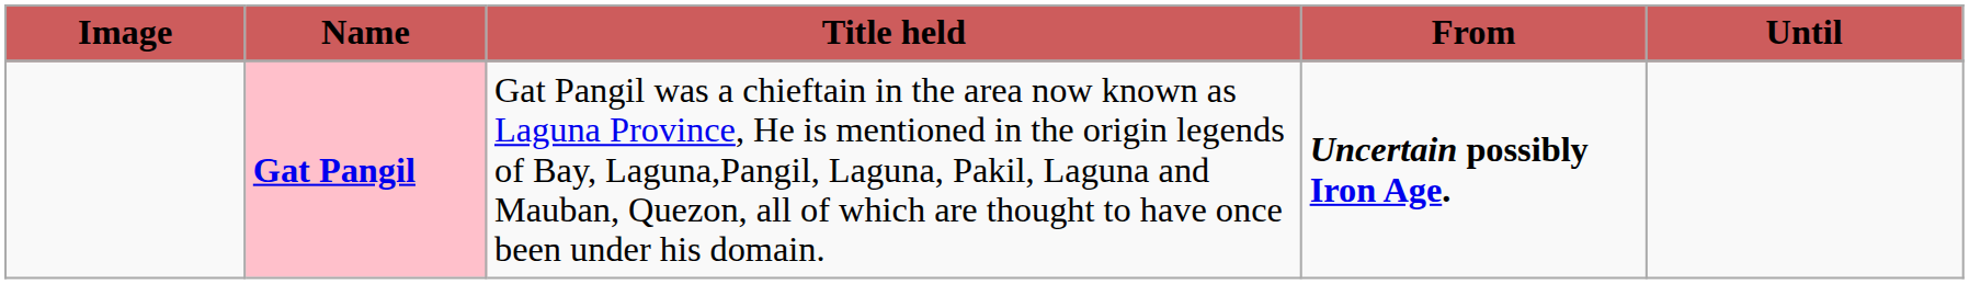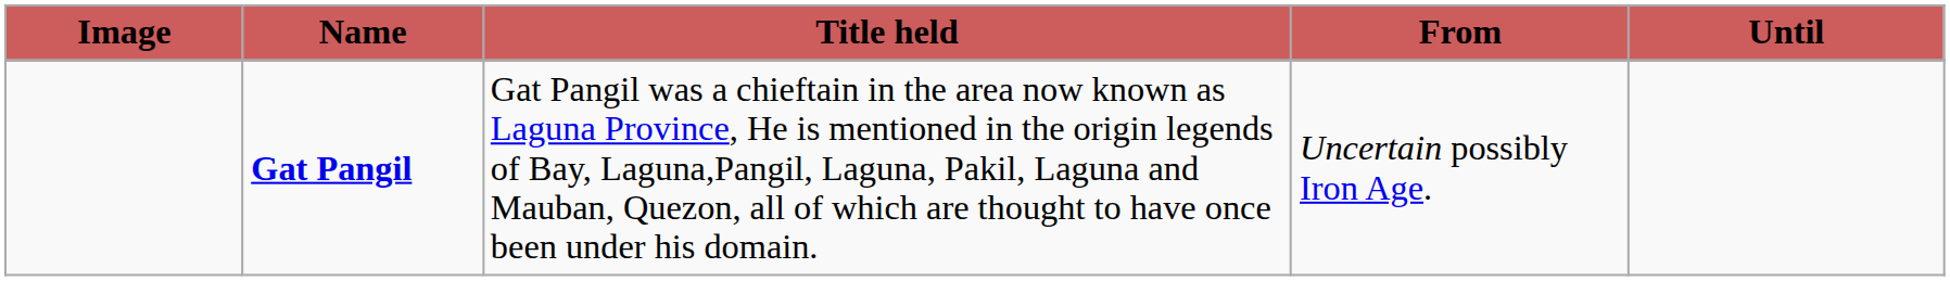 <table class="wikitable" width="70%">
 <tr>
 <th style="background-color:IndianRed" width="5%,">Image</th>
 <th style="background-color:IndianRed" width="5%">Name</th>
 <th style="background-color:IndianRed" width="18%">Title held</th>
 <th style="background-color:IndianRed" width="7%">From</th>
 <th style="background-color:IndianRed" width="7%">Until</th>
 </tr>
 <tr>
 </tr>
 <tr>
 <td></td>
-<td style="background: pink;"><strong><a href='#'>Gat Pangil</a></strong></td>
+<td><strong><a href='#'>Gat Pangil</a></strong></td>
 <td>Gat Pangil was a chieftain in the area now known as <a href='#'>Laguna Province</a>, He is mentioned in the origin legends of Bay, Laguna,Pangil, Laguna, Pakil, Laguna and Mauban, Quezon, all of which are thought to have once been under his domain.</td>
-<td><strong><em>Uncertain</em> possibly <a href='#'>Iron Age</a>.</strong></td>
+<td><em>Uncertain</em> possibly <a href='#'>Iron Age</a>.</td>
 <td></td>
 </tr>
 </table>
